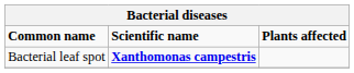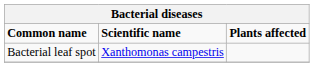 <table class="wikitable" style="clear">
 <tr>
 <th colspan=3><strong>Bacterial diseases</strong><br></th>
 </tr>
 <tr>
 <td><strong>Common name</strong></td>
 <td><strong>Scientific name</strong></td>
 <td><strong>Plants affected</strong></td>
 </tr>
 <tr>
 <td>Bacterial leaf spot</td>
-<td><strong><a href='#'>Xanthomonas campestris</a></strong></td>
+<td><a href='#'>Xanthomonas campestris</a></td>
 <td></td>
 </tr>
 <tr>
 </tr>
 </table>
